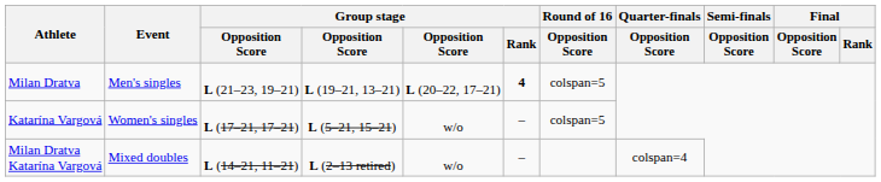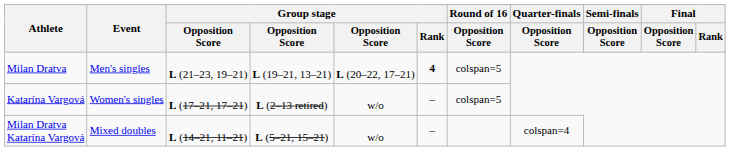 <table class=wikitable style=font-size:90%;text-align:center>
 <tr>
 <th rowspan=2>Athlete</th>
 <th rowspan=2>Event</th>
 <th colspan=4>Group stage</th>
 <th>Round of 16</th>
 <th>Quarter-finals</th>
 <th>Semi-finals</th>
 <th colspan=2>Final</th>
 </tr>
 <tr style=font-size:95%>
 <th>Opposition<br>Score</th>
 <th>Opposition<br>Score</th>
 <th>Opposition<br>Score</th>
 <th>Rank</th>
 <th>Opposition<br>Score</th>
 <th>Opposition<br>Score</th>
 <th>Opposition<br>Score</th>
 <th>Opposition<br>Score</th>
 <th>Rank</th>
 </tr>
 <tr>
 <td align=left><a href='#'>Milan Dratva</a></td>
 <td align=left><a href='#'>Men's singles</a></td>
 <td><br><strong>L</strong> (21–23, 19–21)</td>
 <td><br><strong>L</strong> (19–21, 13–21)</td>
 <td><br><strong>L</strong> (20–22, 17–21)</td>
 <td><strong>4</strong></td>
 <td>colspan=5 </td>
 </tr>
 <tr align=center>
 <td align=left><a href='#'>Katarína Vargová</a></td>
 <td align=left><a href='#'>Women's singles</a></td>
 <td><br><strong>L</strong> (<s>17–21, 17–21</s>)</td>
-<td><br><strong>L</strong> (<s>5–21, 15–21</s>)</td>
+<td><br><strong>L</strong> (<s>2–13 retired</s>)</td>
 <td><br>w/o</td>
 <td>–</td>
 <td>colspan=5 </td>
 </tr>
 <tr align=center>
 <td align=left><a href='#'>Milan Dratva</a><br><a href='#'>Katarína Vargová</a></td>
 <td align=left><a href='#'>Mixed doubles</a></td>
 <td><br><strong>L</strong> (<s>14–21, 11–21</s>)</td>
-<td><br><strong>L</strong> (<s>2–13 retired</s>)</td>
+<td><br><strong>L</strong> (<s>5–21, 15–21</s>)</td>
 <td><br>w/o</td>
 <td>–</td>
 <td></td>
 <td>colspan=4 </td>
 </tr>
 </table>
